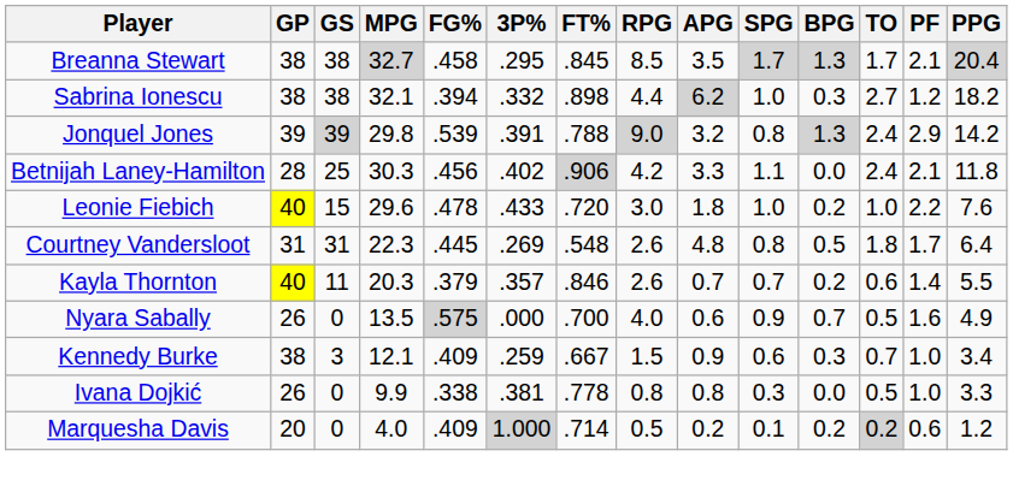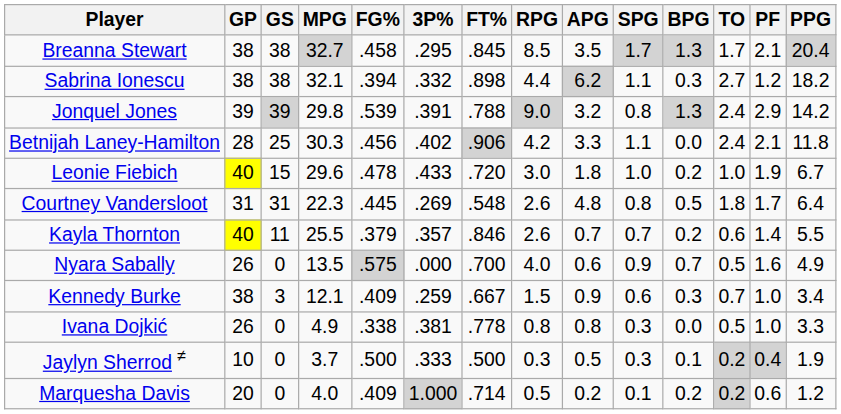 <table class="wikitable sortable" style="text-align:center;">
 <tr>
 <th>Player</th>
 <th>GP</th>
 <th>GS</th>
 <th>MPG</th>
 <th>FG%</th>
 <th>3P%</th>
 <th>FT%</th>
 <th>RPG</th>
 <th>APG</th>
 <th>SPG</th>
 <th>BPG</th>
 <th>TO</th>
 <th>PF</th>
 <th>PPG</th>
 </tr>
 <tr>
 <td><a href='#'>Breanna Stewart</a></td>
 <td>38</td>
 <td>38</td>
 <td style="background:#D3D3D3;">32.7</td>
 <td>.458</td>
 <td>.295</td>
 <td>.845</td>
 <td>8.5</td>
 <td>3.5</td>
 <td style="background:#D3D3D3;">1.7</td>
 <td style="background:#D3D3D3;">1.3</td>
 <td>1.7</td>
 <td>2.1</td>
 <td style="background:#D3D3D3;">20.4</td>
 </tr>
 <tr>
 <td><a href='#'>Sabrina Ionescu</a></td>
 <td>38</td>
 <td>38</td>
 <td>32.1</td>
 <td>.394</td>
 <td>.332</td>
 <td>.898</td>
 <td>4.4</td>
 <td style="background:#D3D3D3;">6.2</td>
-<td>1.0</td>
+<td>1.1</td>
 <td>0.3</td>
 <td>2.7</td>
 <td>1.2</td>
 <td>18.2</td>
 </tr>
 <tr>
 <td><a href='#'>Jonquel Jones</a></td>
 <td>39</td>
 <td style="background:#D3D3D3;">39</td>
 <td>29.8</td>
 <td>.539</td>
 <td>.391</td>
 <td>.788</td>
 <td style="background:#D3D3D3;">9.0</td>
 <td>3.2</td>
 <td>0.8</td>
 <td style="background:#D3D3D3;">1.3</td>
 <td>2.4</td>
 <td>2.9</td>
 <td>14.2</td>
 </tr>
 <tr>
 <td><a href='#'>Betnijah Laney-Hamilton</a></td>
 <td>28</td>
 <td>25</td>
 <td>30.3</td>
 <td>.456</td>
 <td>.402</td>
 <td style="background:#D3D3D3;">.906</td>
 <td>4.2</td>
 <td>3.3</td>
 <td>1.1</td>
 <td>0.0</td>
 <td>2.4</td>
 <td>2.1</td>
 <td>11.8</td>
 </tr>
 <tr>
 <td><a href='#'>Leonie Fiebich</a></td>
 <td style="background:yellow;">40</td>
 <td>15</td>
 <td>29.6</td>
 <td>.478</td>
 <td>.433</td>
 <td>.720</td>
 <td>3.0</td>
 <td>1.8</td>
 <td>1.0</td>
 <td>0.2</td>
 <td>1.0</td>
-<td>2.2</td>
-<td>7.6</td>
+<td>1.9</td>
+<td>6.7</td>
 </tr>
 <tr>
 <td><a href='#'>Courtney Vandersloot</a></td>
 <td>31</td>
 <td>31</td>
 <td>22.3</td>
 <td>.445</td>
 <td>.269</td>
 <td>.548</td>
 <td>2.6</td>
 <td>4.8</td>
 <td>0.8</td>
 <td>0.5</td>
 <td>1.8</td>
 <td>1.7</td>
 <td>6.4</td>
 </tr>
 <tr>
 <td><a href='#'>Kayla Thornton</a></td>
 <td style="background:yellow;">40</td>
 <td>11</td>
-<td>20.3</td>
+<td>25.5</td>
 <td>.379</td>
 <td>.357</td>
 <td>.846</td>
 <td>2.6</td>
 <td>0.7</td>
 <td>0.7</td>
 <td>0.2</td>
 <td>0.6</td>
 <td>1.4</td>
 <td>5.5</td>
 </tr>
 <tr>
 <td><a href='#'>Nyara Sabally</a></td>
 <td>26</td>
 <td>0</td>
 <td>13.5</td>
 <td style="background:#D3D3D3;">.575</td>
 <td>.000</td>
 <td>.700</td>
 <td>4.0</td>
 <td>0.6</td>
 <td>0.9</td>
 <td>0.7</td>
 <td>0.5</td>
 <td>1.6</td>
 <td>4.9</td>
 </tr>
 <tr>
 <td><a href='#'>Kennedy Burke</a></td>
 <td>38</td>
 <td>3</td>
 <td>12.1</td>
 <td>.409</td>
 <td>.259</td>
 <td>.667</td>
 <td>1.5</td>
 <td>0.9</td>
 <td>0.6</td>
 <td>0.3</td>
 <td>0.7</td>
 <td>1.0</td>
 <td>3.4</td>
 </tr>
 <tr>
 <td><a href='#'>Ivana Dojkić</a></td>
 <td>26</td>
 <td>0</td>
-<td>9.9</td>
+<td>4.9</td>
 <td>.338</td>
 <td>.381</td>
 <td>.778</td>
 <td>0.8</td>
 <td>0.8</td>
 <td>0.3</td>
 <td>0.0</td>
 <td>0.5</td>
 <td>1.0</td>
 <td>3.3</td>
+</tr>
+<tr>
+<td><a href='#'>Jaylyn Sherrod</a> <sup>≠</sup></td>
+<td>10</td>
+<td>0</td>
+<td>3.7</td>
+<td>.500</td>
+<td>.333</td>
+<td>.500</td>
+<td>0.3</td>
+<td>0.5</td>
+<td>0.3</td>
+<td>0.1</td>
+<td style="background:#D3D3D3;">0.2</td>
+<td style="background:#D3D3D3;">0.4</td>
+<td>1.9</td>
 </tr>
 <tr>
 <td><a href='#'>Marquesha Davis</a></td>
 <td>20</td>
 <td>0</td>
 <td>4.0</td>
 <td>.409</td>
 <td style="background:#D3D3D3;">1.000</td>
 <td>.714</td>
 <td>0.5</td>
 <td>0.2</td>
 <td>0.1</td>
 <td>0.2</td>
 <td style="background:#D3D3D3;">0.2</td>
 <td>0.6</td>
 <td>1.2</td>
 </tr>
 </table>
